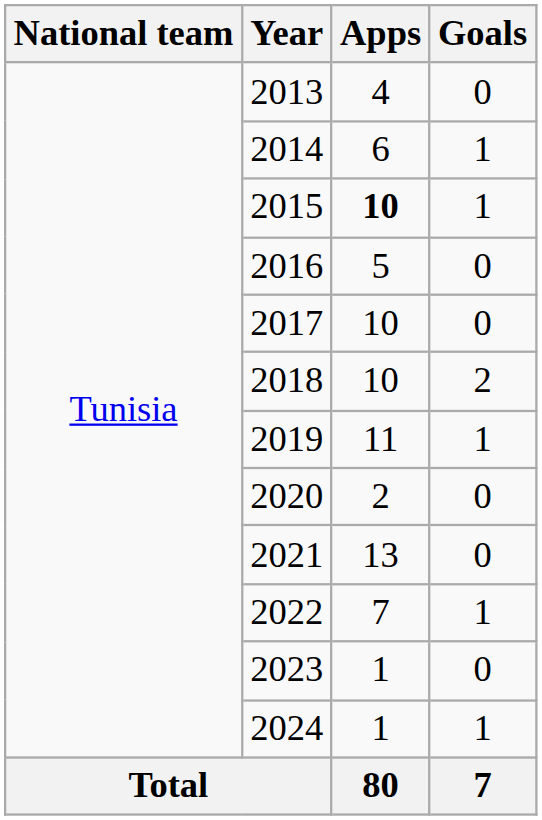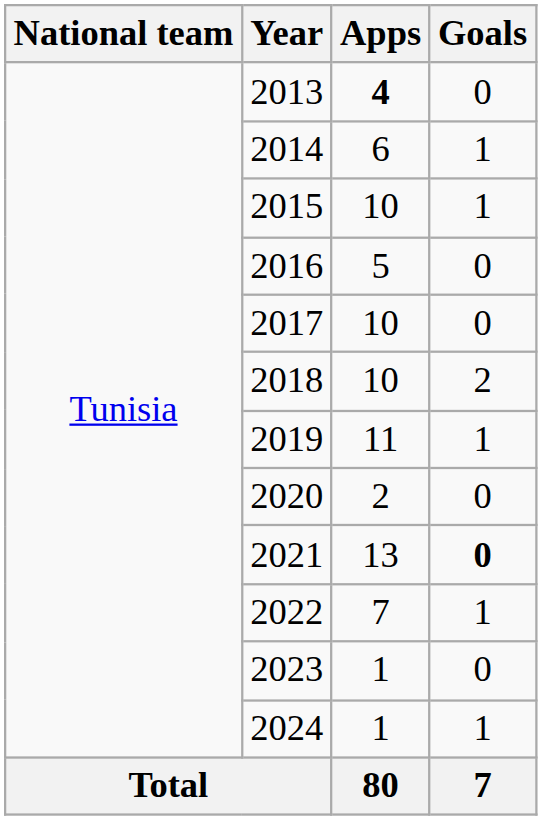 <table class="wikitable" style="text-align:center">
 <tr>
 <th>National team</th>
 <th>Year</th>
 <th>Apps</th>
 <th>Goals</th>
 </tr>
 <tr>
 <td rowspan="12"><a href='#'>Tunisia</a></td>
 <td>2013</td>
-<td>4</td>
+<td><strong>4</strong></td>
 <td>0</td>
 </tr>
 <tr>
 <td>2014</td>
 <td>6</td>
 <td>1</td>
 </tr>
 <tr>
 <td>2015</td>
-<td><strong>10</strong></td>
+<td>10</td>
 <td>1</td>
 </tr>
 <tr>
 <td>2016</td>
 <td>5</td>
 <td>0</td>
 </tr>
 <tr>
 <td>2017</td>
 <td>10</td>
 <td>0</td>
 </tr>
 <tr>
 <td>2018</td>
 <td>10</td>
 <td>2</td>
 </tr>
 <tr>
 <td>2019</td>
 <td>11</td>
 <td>1</td>
 </tr>
 <tr>
 <td>2020</td>
 <td>2</td>
 <td>0</td>
 </tr>
 <tr>
 <td>2021</td>
 <td>13</td>
-<td>0</td>
+<td><strong>0</strong></td>
 </tr>
 <tr>
 <td>2022</td>
 <td>7</td>
 <td>1</td>
 </tr>
 <tr>
 <td>2023</td>
 <td>1</td>
 <td>0</td>
 </tr>
 <tr>
 <td>2024</td>
 <td>1</td>
 <td>1</td>
 </tr>
 <tr>
 <th colspan="2">Total</th>
 <th>80</th>
 <th>7</th>
 </tr>
 </table>
